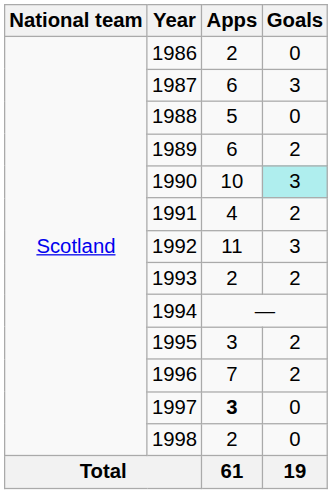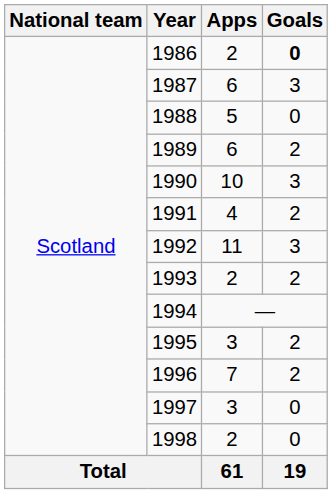 <table class="wikitable" style="text-align:center">
 <tr>
 <th>National team</th>
 <th>Year</th>
 <th>Apps</th>
 <th>Goals</th>
 </tr>
 <tr>
 <td rowspan="13"><a href='#'>Scotland</a></td>
 <td>1986</td>
 <td>2</td>
-<td>0</td>
+<td><strong>0</strong></td>
 </tr>
 <tr>
 <td>1987</td>
 <td>6</td>
 <td>3</td>
 </tr>
 <tr>
 <td>1988</td>
 <td>5</td>
 <td>0</td>
 </tr>
 <tr>
 <td>1989</td>
 <td>6</td>
 <td>2</td>
 </tr>
 <tr>
 <td>1990</td>
 <td>10</td>
-<td style="background: paleturquoise;">3</td>
+<td>3</td>
 </tr>
 <tr>
 <td>1991</td>
 <td>4</td>
 <td>2</td>
 </tr>
 <tr>
 <td>1992</td>
 <td>11</td>
 <td>3</td>
 </tr>
 <tr>
 <td>1993</td>
 <td>2</td>
 <td>2</td>
 </tr>
 <tr>
 <td>1994</td>
 <td colspan="2">—</td>
 </tr>
 <tr>
 <td>1995</td>
 <td>3</td>
 <td>2</td>
 </tr>
 <tr>
 <td>1996</td>
 <td>7</td>
 <td>2</td>
 </tr>
 <tr>
 <td>1997</td>
-<td><strong>3</strong></td>
+<td>3</td>
 <td>0</td>
 </tr>
 <tr>
 <td>1998</td>
 <td>2</td>
 <td>0</td>
 </tr>
 <tr>
 <th colspan="2">Total</th>
 <th>61</th>
 <th>19</th>
 </tr>
 </table>
